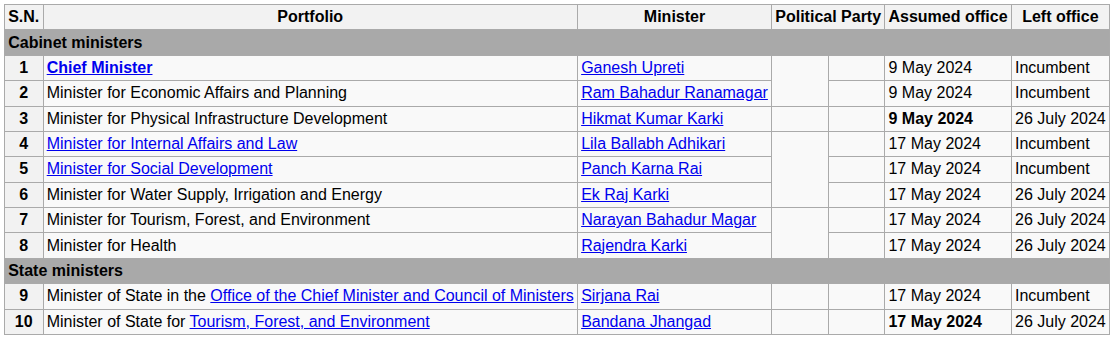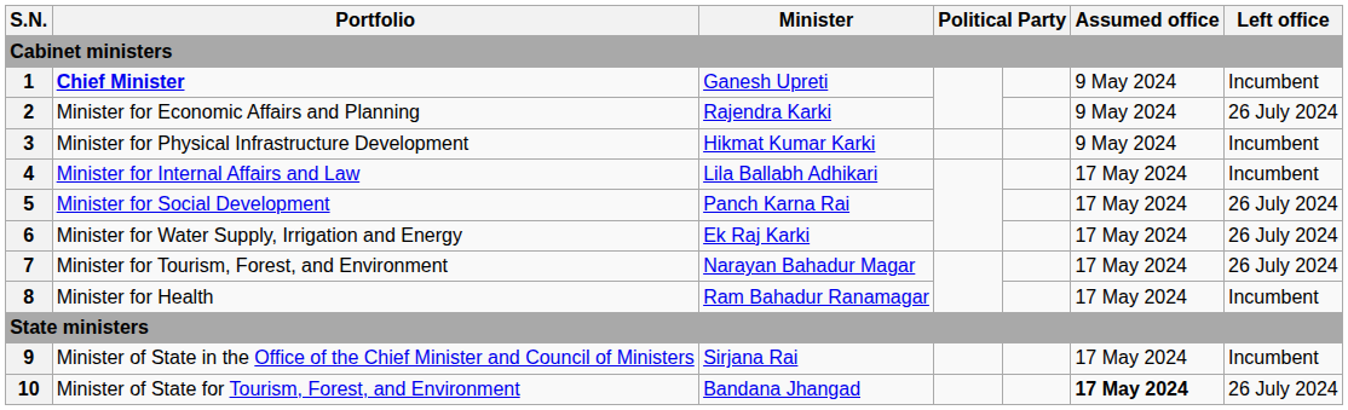 <table class="wikitable">
 <tr>
 <th>S.N.</th>
 <th>Portfolio</th>
 <th>Minister<br></th>
 <th colspan="2">Political Party</th>
 <th>Assumed office</th>
 <th>Left office</th>
 </tr>
 <tr>
 <td colspan="7" bgcolor="darkgrey"><strong>Cabinet ministers</strong></td>
 </tr>
 <tr>
 <th>1</th>
 <td><strong><a href='#'>Chief Minister</a><br></strong></td>
 <td><a href='#'>Ganesh Upreti</a><br></td>
 <td rowspan="2"></td>
 <td></td>
 <td>9 May 2024</td>
 <td>Incumbent</td>
 </tr>
 <tr>
 <th>2</th>
 <td>Minister for Economic Affairs and Planning</td>
-<td><a href='#'>Ram Bahadur Ranamagar</a><br></td>
+<td><a href='#'>Rajendra Karki</a><br></td>
 <td></td>
 <td>9 May 2024</td>
-<td>Incumbent</td>
+<td>26 July 2024</td>
 </tr>
 <tr>
 <th>3</th>
 <td>Minister for Physical Infrastructure Development</td>
 <td><a href='#'>Hikmat Kumar Karki</a><br></td>
 <td></td>
 <td></td>
-<td><strong>9 May 2024</strong></td>
-<td>26 July 2024</td>
+<td>9 May 2024</td>
+<td>Incumbent</td>
 </tr>
 <tr>
 <th>4</th>
 <td><a href='#'>Minister for Internal Affairs and Law</a></td>
 <td><a href='#'>Lila Ballabh Adhikari</a><br></td>
 <td rowspan="3"></td>
 <td></td>
 <td>17 May 2024</td>
 <td>Incumbent</td>
 </tr>
 <tr>
 <th>5</th>
 <td><a href='#'>Minister for Social Development</a></td>
 <td><a href='#'>Panch Karna Rai</a><br></td>
 <td></td>
 <td>17 May 2024</td>
-<td>Incumbent</td>
+<td>26 July 2024</td>
 </tr>
 <tr>
 <th>6</th>
 <td>Minister for Water Supply, Irrigation and Energy</td>
 <td><a href='#'>Ek Raj Karki</a><br></td>
 <td></td>
 <td>17 May 2024</td>
 <td>26 July 2024</td>
 </tr>
 <tr>
 <th>7</th>
 <td>Minister for Tourism, Forest, and Environment</td>
 <td><a href='#'>Narayan Bahadur Magar</a><br></td>
 <td rowspan="2"></td>
 <td></td>
 <td>17 May 2024</td>
 <td>26 July 2024</td>
 </tr>
 <tr>
 <th>8</th>
 <td>Minister for Health</td>
-<td><a href='#'>Rajendra Karki</a><br></td>
+<td><a href='#'>Ram Bahadur Ranamagar</a><br></td>
 <td></td>
 <td>17 May 2024</td>
-<td>26 July 2024</td>
+<td>Incumbent</td>
 </tr>
 <tr>
 <td colspan="7" bgcolor="darkgrey"><strong>State ministers</strong></td>
 </tr>
 <tr>
 <th>9</th>
 <td>Minister of State in the <a href='#'>Office of the Chief Minister and Council of Ministers</a></td>
 <td><a href='#'>Sirjana Rai</a><br></td>
 <td></td>
 <td></td>
 <td>17 May 2024</td>
 <td>Incumbent</td>
 </tr>
 <tr>
 <th>10</th>
 <td>Minister of State for <a href='#'>Tourism, Forest, and Environment</a></td>
 <td><a href='#'>Bandana Jhangad</a><br></td>
 <td></td>
 <td></td>
 <td><strong>17 May 2024</strong></td>
 <td>26 July 2024</td>
 </tr>
 </table>
